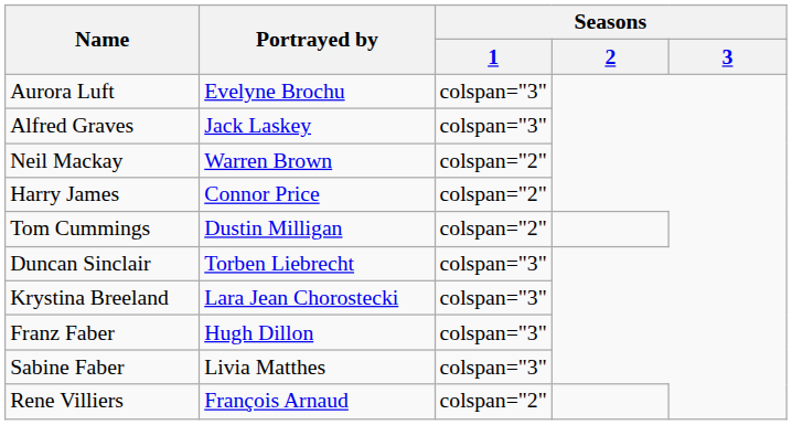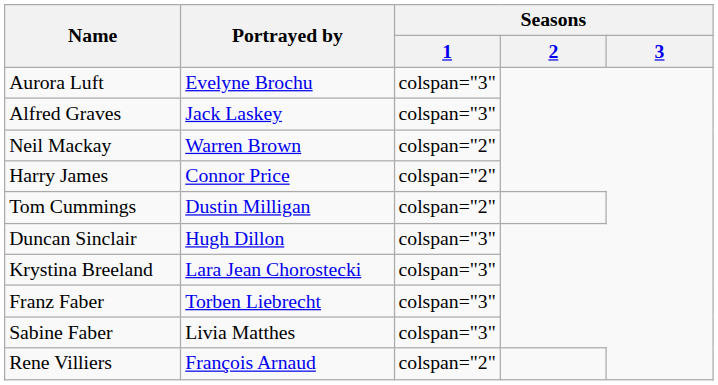 <table class="wikitable plainrowheaders">
 <tr>
 <th scope="col" rowspan="2">Name</th>
 <th scope="col" rowspan="2">Portrayed by</th>
 <th scope="col" colspan="3">Seasons</th>
 </tr>
 <tr>
 <th scope="col" style="width:15%;"><a href='#'>1</a></th>
 <th scope="col" style="width:15%;"><a href='#'>2</a></th>
 <th scope="col" style="width:15%;"><a href='#'>3</a></th>
 </tr>
 <tr>
 <td scope="row">Aurora Luft</td>
 <td><a href='#'>Evelyne Brochu</a></td>
 <td>colspan="3" </td>
 </tr>
 <tr>
 <td scope="row">Alfred Graves</td>
 <td><a href='#'>Jack Laskey</a></td>
 <td>colspan="3" </td>
 </tr>
 <tr>
 <td scope="row">Neil Mackay</td>
 <td><a href='#'>Warren Brown</a></td>
 <td>colspan="2" </td>
 </tr>
 <tr>
 <td scope="row">Harry James</td>
 <td><a href='#'>Connor Price</a></td>
 <td>colspan="2" </td>
 </tr>
 <tr>
 <td scope="row">Tom Cummings</td>
 <td><a href='#'>Dustin Milligan</a></td>
 <td>colspan="2" </td>
 <td></td>
 </tr>
 <tr>
 <td scope="row">Duncan Sinclair</td>
-<td><a href='#'>Torben Liebrecht</a></td>
+<td><a href='#'>Hugh Dillon</a></td>
 <td>colspan="3" </td>
 </tr>
 <tr>
 <td scope="row">Krystina Breeland</td>
 <td><a href='#'>Lara Jean Chorostecki</a></td>
 <td>colspan="3" </td>
 </tr>
 <tr>
 <td scope="row">Franz Faber</td>
-<td><a href='#'>Hugh Dillon</a></td>
+<td><a href='#'>Torben Liebrecht</a></td>
 <td>colspan="3" </td>
 </tr>
 <tr>
 <td scope="row">Sabine Faber</td>
 <td>Livia Matthes</td>
 <td>colspan="3" </td>
 </tr>
 <tr>
 <td scope="row">Rene Villiers</td>
 <td><a href='#'>François Arnaud</a></td>
 <td>colspan="2" </td>
 <td></td>
 </tr>
 </table>
